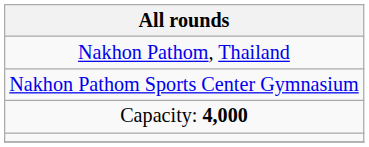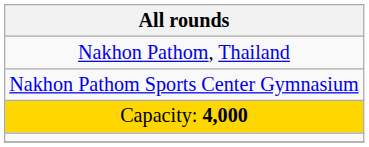 <table class="wikitable" style="text-align:center;">
 <tr>
 <th>All rounds</th>
 </tr>
 <tr>
 <td> <a href='#'>Nakhon Pathom</a>, <a href='#'>Thailand</a></td>
 </tr>
 <tr>
 <td><a href='#'>Nakhon Pathom Sports Center Gymnasium</a></td>
 </tr>
 <tr>
-<td>Capacity: <strong>4,000</strong></td>
+<td style="background: gold;">Capacity: <strong>4,000</strong></td>
 </tr>
 <tr>
 <td></td>
 </tr>
 <tr>
 </tr>
 </table>
